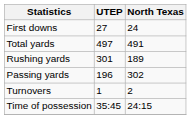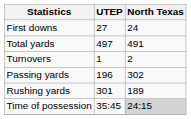 <table class="wikitable">
 <tr>
 <th>Statistics</th>
 <th>UTEP</th>
 <th>North Texas</th>
 </tr>
 <tr>
 <td>First downs</td>
 <td>27</td>
 <td>24</td>
 </tr>
 <tr>
 <td>Total yards</td>
 <td>497</td>
 <td>491</td>
 </tr>
 <tr>
-<td>Rushing yards</td>
-<td>301</td>
-<td>189</td>
+<td>Turnovers</td>
+<td>1</td>
+<td>2</td>
 </tr>
 <tr>
 <td>Passing yards</td>
 <td>196</td>
 <td>302</td>
 </tr>
 <tr>
-<td>Turnovers</td>
-<td>1</td>
-<td>2</td>
+<td>Rushing yards</td>
+<td>301</td>
+<td>189</td>
 </tr>
 <tr>
 <td>Time of possession</td>
 <td>35:45</td>
-<td>24:15</td>
+<td style="background: lightgrey;">24:15</td>
 </tr>
 <tr>
 </tr>
 </table>
